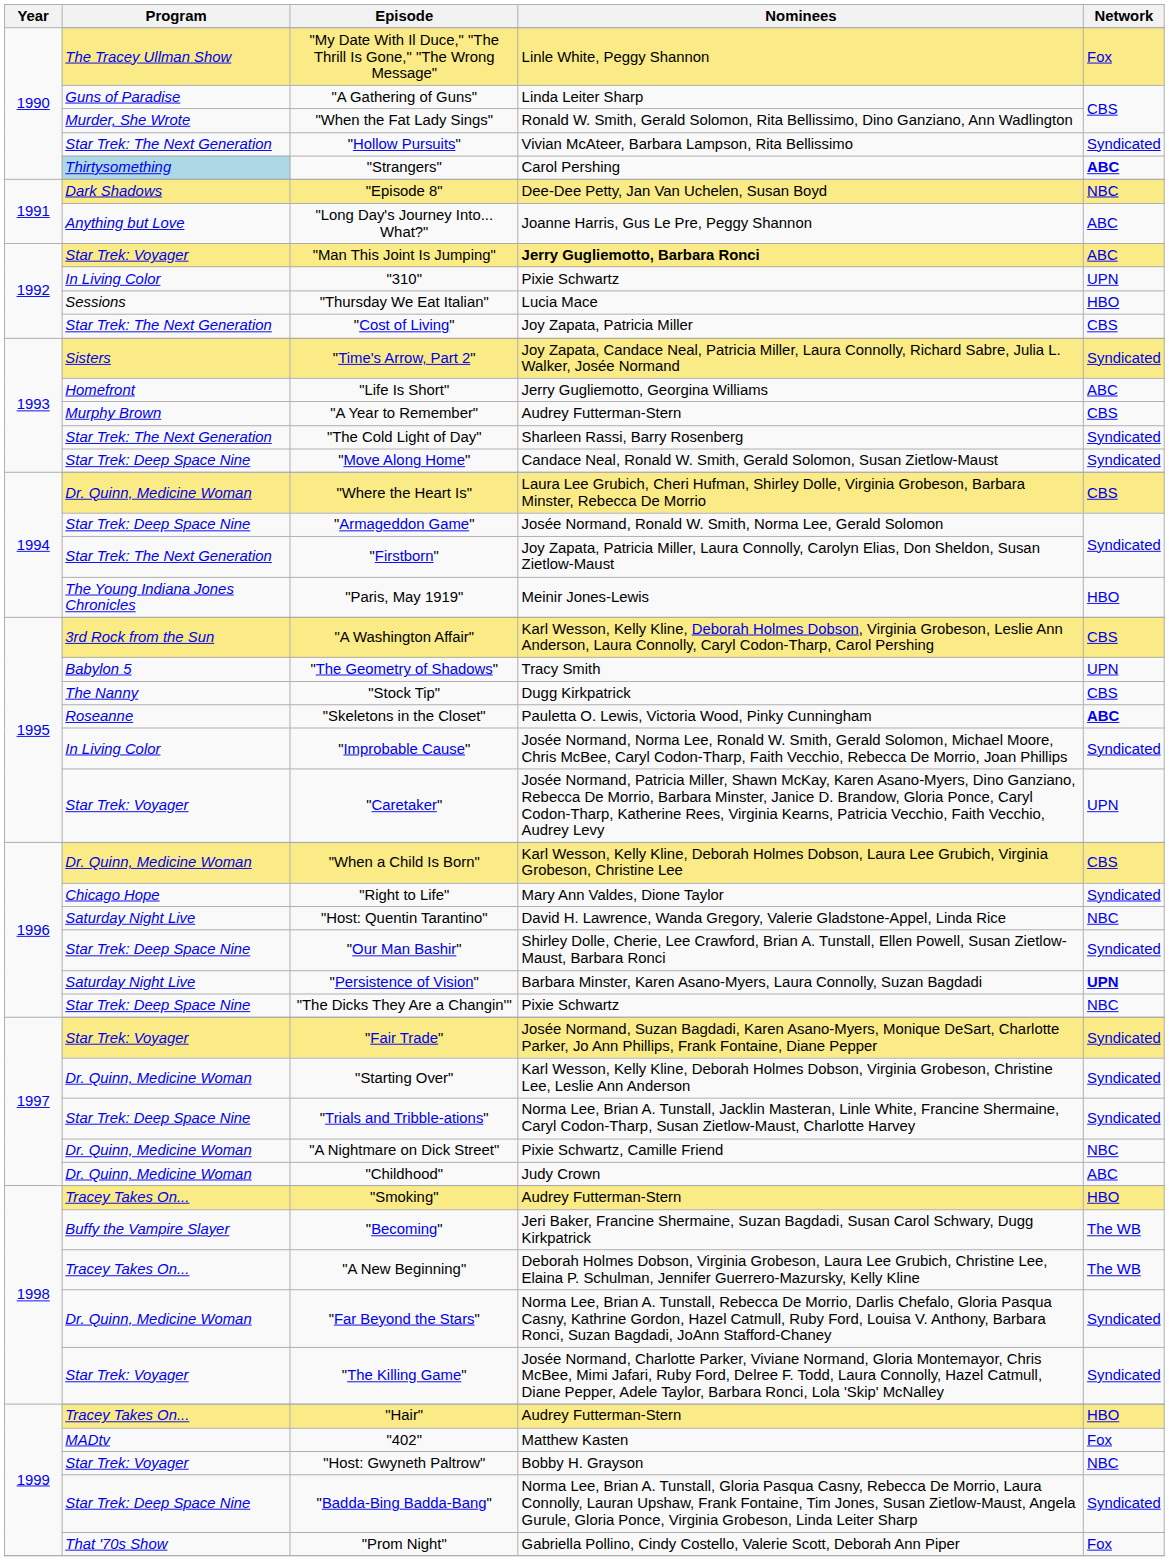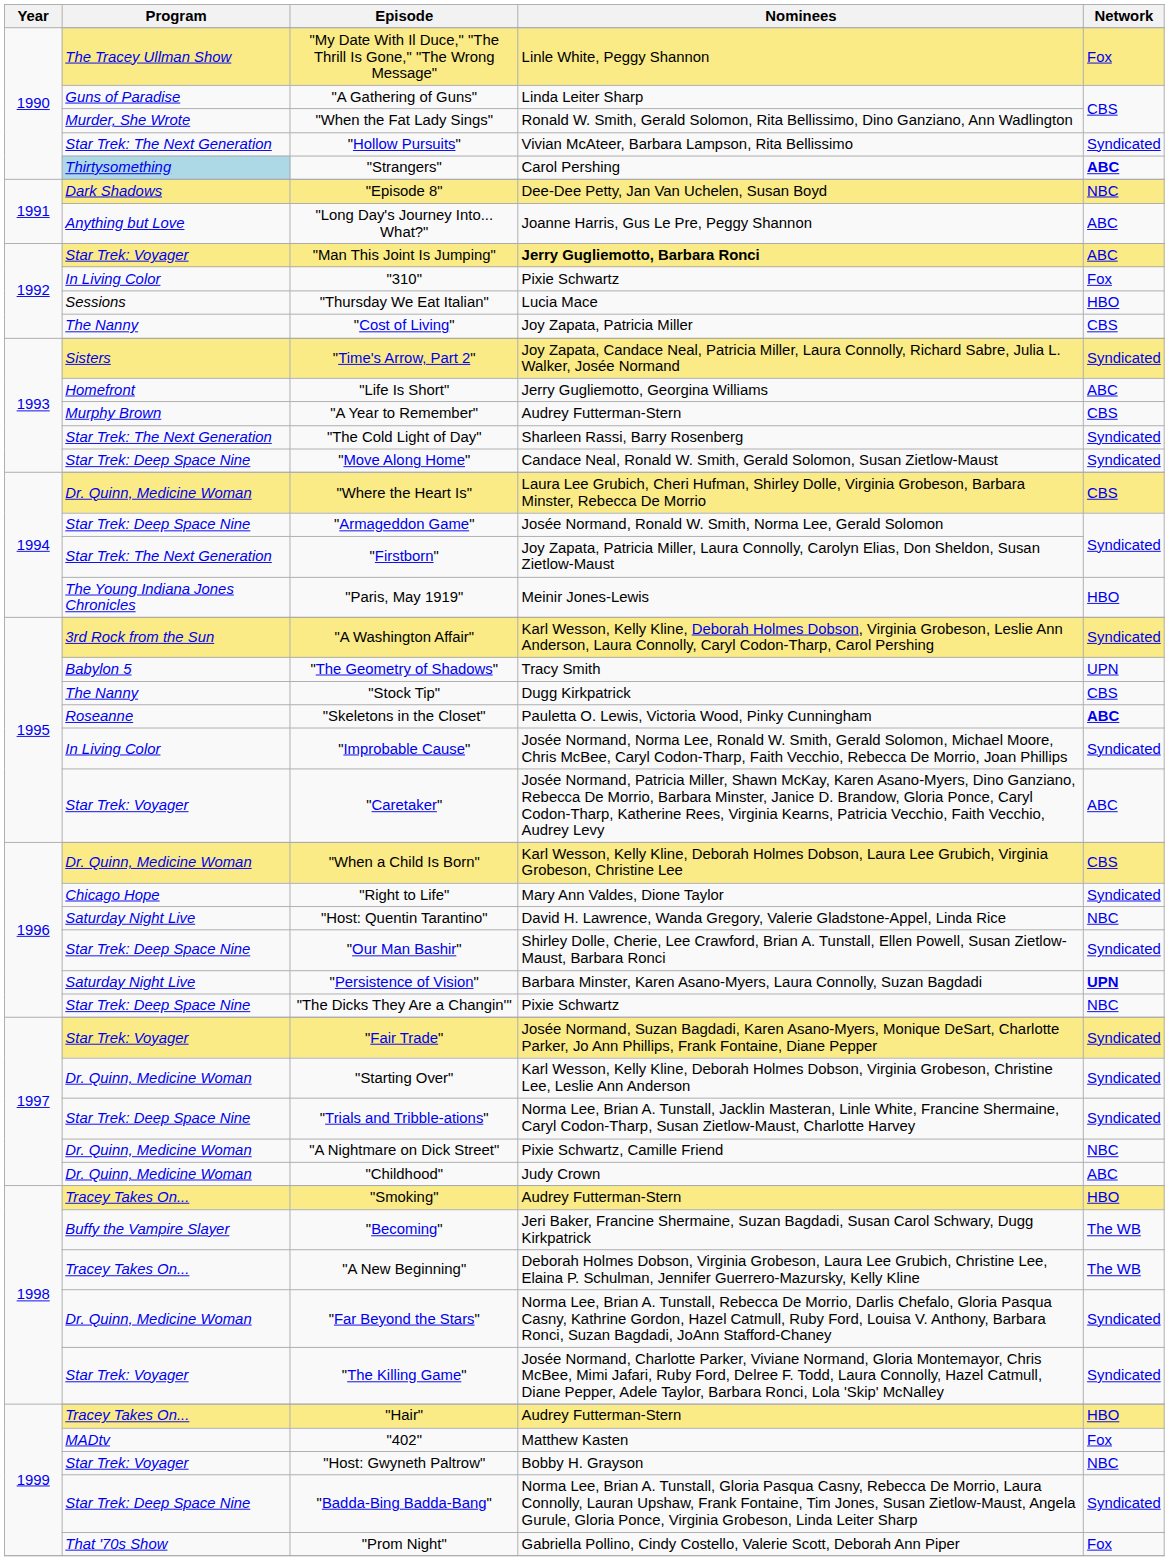 <table class="wikitable">
 <tr>
 <th width="5%">Year</th>
 <th width="20%">Program</th>
 <th width="20%">Episode</th>
 <th width="50%">Nominees</th>
 <th width="5%">Network</th>
 </tr>
 <tr>
 <td rowspan="6" style="text-align:center;"><a href='#'>1990</a><br></td>
 </tr>
 <tr style="background:#FAEB86;">
 <td><em><a href='#'>The Tracey Ullman Show</a></em></td>
 <td align=center>"My Date With Il Duce," "The Thrill Is Gone," "The Wrong Message"</td>
 <td>Linle White, Peggy Shannon</td>
 <td><a href='#'>Fox</a></td>
 </tr>
 <tr>
 <td><em><a href='#'>Guns of Paradise</a> </em></td>
 <td align=center>"A Gathering of Guns"</td>
 <td>Linda Leiter Sharp</td>
 <td rowspan=2><a href='#'>CBS</a></td>
 </tr>
 <tr>
 <td><em><a href='#'>Murder, She Wrote</a> </em></td>
 <td align=center>"When the Fat Lady Sings"</td>
 <td>Ronald W. Smith, Gerald Solomon, Rita Bellissimo, Dino Ganziano, Ann Wadlington</td>
 </tr>
 <tr>
 <td><em><a href='#'>Star Trek: The Next Generation</a> </em></td>
 <td align=center>"<a href='#'>Hollow Pursuits</a>"</td>
 <td>Vivian McAteer, Barbara Lampson, Rita Bellissimo</td>
 <td><a href='#'>Syndicated</a></td>
 </tr>
 <tr>
 <td style="background: lightblue;"><em><a href='#'>Thirtysomething</a> </em></td>
 <td align=center>"Strangers"</td>
 <td>Carol Pershing</td>
 <td><strong><a href='#'>ABC</a></strong></td>
 </tr>
 <tr>
 <td rowspan="3" style="text-align:center;"><a href='#'>1991</a><br></td>
 </tr>
 <tr style="background:#FAEB86;">
 <td><em><a href='#'>Dark Shadows</a></em></td>
 <td align=center>"Episode 8"</td>
 <td>Dee-Dee Petty, Jan Van Uchelen, Susan Boyd</td>
 <td><a href='#'>NBC</a></td>
 </tr>
 <tr>
 <td><em><a href='#'>Anything but Love</a> </em></td>
 <td align=center>"Long Day's Journey Into... What?"</td>
 <td>Joanne Harris, Gus Le Pre, Peggy Shannon</td>
 <td><a href='#'>ABC</a></td>
 </tr>
 <tr>
 <td rowspan="5" style="text-align:center;"><a href='#'>1992</a><br></td>
 </tr>
 <tr style="background:#FAEB86;">
 <td><em><a href='#'>Star Trek: Voyager</a> </em></td>
 <td align=center>"Man This Joint Is Jumping"</td>
 <td><strong>Jerry Gugliemotto, Barbara Ronci</strong></td>
 <td><a href='#'>ABC</a></td>
 </tr>
 <tr>
 <td><em><a href='#'>In Living Color</a> </em></td>
 <td align=center>"310"</td>
 <td>Pixie Schwartz</td>
-<td><a href='#'>UPN</a></td>
+<td><a href='#'>Fox</a></td>
 </tr>
 <tr>
 <td><em>Sessions </em></td>
 <td align=center>"Thursday We Eat Italian"</td>
 <td>Lucia Mace</td>
 <td><a href='#'>HBO</a></td>
 </tr>
 <tr>
-<td><em><a href='#'>Star Trek: The Next Generation</a> </em></td>
+<td><em><a href='#'>The Nanny</a> </em></td>
 <td align=center>"<a href='#'>Cost of Living</a>"</td>
 <td>Joy Zapata, Patricia Miller</td>
 <td><a href='#'>CBS</a></td>
 </tr>
 <tr>
 <td rowspan="6" style="text-align:center;"><a href='#'>1993</a><br></td>
 </tr>
 <tr style="background:#FAEB86;">
 <td><em><a href='#'>Sisters</a> </em></td>
 <td align=center>"<a href='#'>Time's Arrow, Part 2</a>"</td>
 <td>Joy Zapata, Candace Neal, Patricia Miller, Laura Connolly, Richard Sabre, Julia L. Walker, Josée Normand</td>
 <td><a href='#'>Syndicated</a></td>
 </tr>
 <tr>
 <td><em><a href='#'>Homefront</a> </em></td>
 <td align=center>"Life Is Short"</td>
 <td>Jerry Gugliemotto, Georgina Williams</td>
 <td><a href='#'>ABC</a></td>
 </tr>
 <tr>
 <td><em><a href='#'>Murphy Brown</a> </em></td>
 <td align=center>"A Year to Remember"</td>
 <td>Audrey Futterman-Stern</td>
 <td><a href='#'>CBS</a></td>
 </tr>
 <tr>
 <td><em><a href='#'>Star Trek: The Next Generation</a></em></td>
 <td align=center>"The Cold Light of Day"</td>
 <td>Sharleen Rassi, Barry Rosenberg</td>
 <td><a href='#'>Syndicated</a></td>
 </tr>
 <tr>
 <td><em><a href='#'>Star Trek: Deep Space Nine</a> </em></td>
 <td align=center>"<a href='#'>Move Along Home</a>"</td>
 <td>Candace Neal, Ronald W. Smith, Gerald Solomon, Susan Zietlow-Maust</td>
 <td><a href='#'>Syndicated</a></td>
 </tr>
 <tr>
 <td rowspan="5" style="text-align:center;"><a href='#'>1994</a><br></td>
 </tr>
 <tr style="background:#FAEB86;">
 <td><em><a href='#'>Dr. Quinn, Medicine Woman</a></em></td>
 <td align=center>"Where the Heart Is"</td>
 <td>Laura Lee Grubich, Cheri Hufman, Shirley Dolle, Virginia Grobeson, Barbara Minster, Rebecca De Morrio</td>
 <td><a href='#'>CBS</a></td>
 </tr>
 <tr>
 <td><em><a href='#'>Star Trek: Deep Space Nine</a> </em></td>
 <td align=center>"<a href='#'>Armageddon Game</a>"</td>
 <td>Josée Normand, Ronald W. Smith, Norma Lee, Gerald Solomon</td>
 <td rowspan=2><a href='#'>Syndicated</a></td>
 </tr>
 <tr>
 <td><em><a href='#'>Star Trek: The Next Generation</a> </em></td>
 <td align=center>"<a href='#'>Firstborn</a>"</td>
 <td>Joy Zapata, Patricia Miller, Laura Connolly, Carolyn Elias, Don Sheldon, Susan Zietlow-Maust</td>
 </tr>
 <tr>
 <td><em><a href='#'>The Young Indiana Jones Chronicles</a> </em></td>
 <td align=center>"Paris, May 1919"</td>
 <td>Meinir Jones-Lewis</td>
 <td><a href='#'>HBO</a></td>
 </tr>
 <tr>
 <td rowspan="7" style="text-align:center;"><a href='#'>1995</a><br></td>
 </tr>
 <tr style="background:#FAEB86;">
 <td><em><a href='#'>3rd Rock from the Sun</a> </em></td>
 <td align=center>"A Washington Affair"</td>
 <td>Karl Wesson, Kelly Kline, <a href='#'>Deborah Holmes Dobson</a>, Virginia Grobeson, Leslie Ann Anderson, Laura Connolly, Caryl Codon-Tharp, Carol Pershing</td>
-<td><a href='#'>CBS</a></td>
+<td><a href='#'>Syndicated</a></td>
 </tr>
 <tr>
 <td><em><a href='#'>Babylon 5</a> </em></td>
 <td align=center>"<a href='#'>The Geometry of Shadows</a>"</td>
 <td>Tracy Smith</td>
 <td><a href='#'>UPN</a></td>
 </tr>
 <tr>
 <td><em><a href='#'>The Nanny</a> </em></td>
 <td align=center>"Stock Tip"</td>
 <td>Dugg Kirkpatrick</td>
 <td><a href='#'>CBS</a></td>
 </tr>
 <tr>
 <td><em><a href='#'>Roseanne</a> </em></td>
 <td align=center>"Skeletons in the Closet"</td>
 <td>Pauletta O. Lewis, Victoria Wood, Pinky Cunningham</td>
 <td><strong><a href='#'>ABC</a></strong></td>
 </tr>
 <tr>
 <td><em><a href='#'>In Living Color</a> </em></td>
 <td align=center>"<a href='#'>Improbable Cause</a>"</td>
 <td>Josée Normand, Norma Lee, Ronald W. Smith, Gerald Solomon, Michael Moore, Chris McBee, Caryl Codon-Tharp, Faith Vecchio, Rebecca De Morrio, Joan Phillips</td>
 <td><a href='#'>Syndicated</a></td>
 </tr>
 <tr>
 <td><em><a href='#'>Star Trek: Voyager</a> </em></td>
 <td align=center>"<a href='#'>Caretaker</a>"</td>
 <td>Josée Normand, Patricia Miller, Shawn McKay, Karen Asano-Myers, Dino Ganziano, Rebecca De Morrio, Barbara Minster, Janice D. Brandow, Gloria Ponce, Caryl Codon-Tharp, Katherine Rees, Virginia Kearns, Patricia Vecchio, Faith Vecchio, Audrey Levy</td>
-<td><a href='#'>UPN</a></td>
+<td><a href='#'>ABC</a></td>
 </tr>
 <tr>
 <td rowspan="7" style="text-align:center;"><a href='#'>1996</a><br></td>
 </tr>
 <tr style="background:#FAEB86;">
 <td><em><a href='#'>Dr. Quinn, Medicine Woman</a></em></td>
 <td align=center>"When a Child Is Born"</td>
 <td>Karl Wesson, Kelly Kline, Deborah Holmes Dobson, Laura Lee Grubich, Virginia Grobeson, Christine Lee</td>
 <td><a href='#'>CBS</a></td>
 </tr>
 <tr>
 <td><em><a href='#'>Chicago Hope</a> </em></td>
 <td align=center>"Right to Life"</td>
 <td>Mary Ann Valdes, Dione Taylor</td>
 <td><a href='#'>Syndicated</a></td>
 </tr>
 <tr>
 <td><em><a href='#'>Saturday Night Live</a> </em></td>
 <td align=center>"Host: Quentin Tarantino"</td>
 <td>David H. Lawrence, Wanda Gregory, Valerie Gladstone-Appel, Linda Rice</td>
 <td><a href='#'>NBC</a></td>
 </tr>
 <tr>
 <td><em><a href='#'>Star Trek: Deep Space Nine</a> </em></td>
 <td align=center>"<a href='#'>Our Man Bashir</a>"</td>
 <td>Shirley Dolle, Cherie, Lee Crawford, Brian A. Tunstall, Ellen Powell, Susan Zietlow-Maust, Barbara Ronci</td>
 <td><a href='#'>Syndicated</a></td>
 </tr>
 <tr>
 <td><em><a href='#'>Saturday Night Live</a> </em></td>
 <td align=center>"<a href='#'>Persistence of Vision</a>"</td>
 <td>Barbara Minster, Karen Asano-Myers, Laura Connolly, Suzan Bagdadi</td>
 <td><strong><a href='#'>UPN</a></strong></td>
 </tr>
 <tr>
 <td><em><a href='#'>Star Trek: Deep Space Nine</a> </em></td>
 <td align=center>"The Dicks They Are a Changin'"</td>
 <td>Pixie Schwartz</td>
 <td><a href='#'>NBC</a></td>
 </tr>
 <tr>
 <td rowspan="6" style="text-align:center;"><a href='#'>1997</a><br></td>
 </tr>
 <tr style="background:#FAEB86;">
 <td><em><a href='#'>Star Trek: Voyager</a></em></td>
 <td align=center>"<a href='#'>Fair Trade</a>"</td>
 <td>Josée Normand, Suzan Bagdadi, Karen Asano-Myers, Monique DeSart, Charlotte Parker, Jo Ann Phillips, Frank Fontaine, Diane Pepper</td>
 <td><a href='#'>Syndicated</a></td>
 </tr>
 <tr>
 <td><em><a href='#'>Dr. Quinn, Medicine Woman</a> </em></td>
 <td align=center>"Starting Over"</td>
 <td>Karl Wesson, Kelly Kline, Deborah Holmes Dobson, Virginia Grobeson, Christine Lee, Leslie Ann Anderson</td>
 <td><a href='#'>Syndicated</a></td>
 </tr>
 <tr>
 <td><em><a href='#'>Star Trek: Deep Space Nine</a> </em></td>
 <td align=center>"<a href='#'>Trials and Tribble-ations</a>"</td>
 <td>Norma Lee, Brian A. Tunstall, Jacklin Masteran, Linle White, Francine Shermaine, Caryl Codon-Tharp, Susan Zietlow-Maust, Charlotte Harvey</td>
 <td><a href='#'>Syndicated</a></td>
 </tr>
 <tr>
 <td><em><a href='#'>Dr. Quinn, Medicine Woman</a></em></td>
 <td align=center>"A Nightmare on Dick Street"</td>
 <td>Pixie Schwartz, Camille Friend</td>
 <td><a href='#'>NBC</a></td>
 </tr>
 <tr>
 <td><em><a href='#'>Dr. Quinn, Medicine Woman</a> </em></td>
 <td align=center>"Childhood"</td>
 <td>Judy Crown</td>
 <td><a href='#'>ABC</a></td>
 </tr>
 <tr>
 <td rowspan="6" style="text-align:center;"><a href='#'>1998</a><br></td>
 </tr>
 <tr style="background:#FAEB86;">
 <td><em><a href='#'>Tracey Takes On...</a></em></td>
 <td align=center>"Smoking"</td>
 <td>Audrey Futterman-Stern</td>
 <td><a href='#'>HBO</a></td>
 </tr>
 <tr>
 <td><em><a href='#'>Buffy the Vampire Slayer</a> </em></td>
 <td align=center>"<a href='#'>Becoming</a>"</td>
 <td>Jeri Baker, Francine Shermaine, Suzan Bagdadi, Susan Carol Schwary, Dugg Kirkpatrick</td>
 <td><a href='#'>The WB</a></td>
 </tr>
 <tr>
 <td><em><a href='#'>Tracey Takes On...</a> </em></td>
 <td align=center>"A New Beginning"</td>
 <td>Deborah Holmes Dobson, Virginia Grobeson, Laura Lee Grubich, Christine Lee, Elaina P. Schulman, Jennifer Guerrero-Mazursky, Kelly Kline</td>
 <td><a href='#'>The WB</a></td>
 </tr>
 <tr>
 <td><em><a href='#'>Dr. Quinn, Medicine Woman</a></em></td>
 <td align=center>"<a href='#'>Far Beyond the Stars</a>"</td>
 <td>Norma Lee, Brian A. Tunstall, Rebecca De Morrio, Darlis Chefalo, Gloria Pasqua Casny, Kathrine Gordon, Hazel Catmull, Ruby Ford, Louisa V. Anthony, Barbara Ronci, Suzan Bagdadi, JoAnn Stafford-Chaney</td>
 <td><a href='#'>Syndicated</a></td>
 </tr>
 <tr>
 <td><em><a href='#'>Star Trek: Voyager</a> </em></td>
 <td align=center>"<a href='#'>The Killing Game</a>"</td>
 <td>Josée Normand, Charlotte Parker, Viviane Normand, Gloria Montemayor, Chris McBee, Mimi Jafari, Ruby Ford, Delree F. Todd, Laura Connolly, Hazel Catmull, Diane Pepper, Adele Taylor, Barbara Ronci, Lola 'Skip' McNalley</td>
 <td><a href='#'>Syndicated</a></td>
 </tr>
 <tr>
 <td rowspan="6" style="text-align:center;"><a href='#'>1999</a><br></td>
 </tr>
 <tr style="background:#FAEB86;">
 <td><em><a href='#'>Tracey Takes On...</a></em></td>
 <td align=center>"Hair"</td>
 <td>Audrey Futterman-Stern</td>
 <td><a href='#'>HBO</a></td>
 </tr>
 <tr>
 <td><em><a href='#'>MADtv</a> </em></td>
 <td align=center>"402"</td>
 <td>Matthew Kasten</td>
 <td><a href='#'>Fox</a></td>
 </tr>
 <tr>
 <td><em><a href='#'>Star Trek: Voyager</a> </em></td>
 <td align=center>"Host: Gwyneth Paltrow"</td>
 <td>Bobby H. Grayson</td>
 <td><a href='#'>NBC</a></td>
 </tr>
 <tr>
 <td><em><a href='#'>Star Trek: Deep Space Nine</a> </em></td>
 <td align=center>"<a href='#'>Badda-Bing Badda-Bang</a>"</td>
 <td>Norma Lee, Brian A. Tunstall, Gloria Pasqua Casny, Rebecca De Morrio, Laura Connolly, Lauran Upshaw, Frank Fontaine, Tim Jones, Susan Zietlow-Maust, Angela Gurule, Gloria Ponce, Virginia Grobeson, Linda Leiter Sharp</td>
 <td><a href='#'>Syndicated</a></td>
 </tr>
 <tr>
 <td><em><a href='#'>That '70s Show</a> </em></td>
 <td align=center>"Prom Night"</td>
 <td>Gabriella Pollino, Cindy Costello, Valerie Scott, Deborah Ann Piper</td>
 <td><a href='#'>Fox</a></td>
 </tr>
 <tr>
 </tr>
 </table>
